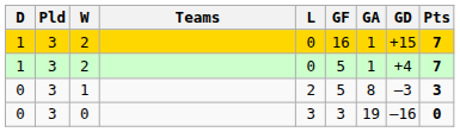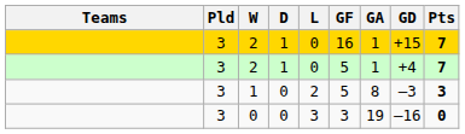 <table class="wikitable" style="text-align: center;">
 <tr>
-<th width=20>D</th>
+<th width=165>Teams</th>
 <th width=20>Pld</th>
 <th width=20>W</th>
-<th width=165>Teams</th>
+<th width=20>D</th>
 <th width=20>L</th>
 <th width=20>GF</th>
 <th width=20>GA</th>
 <th width=20>GD</th>
 <th width=20>Pts</th>
 </tr>
 <tr align=center style="background:gold">
-<td>1</td>
+<td style="text-align:left;"></td>
 <td>3</td>
 <td>2</td>
-<td style="text-align:left;"></td>
+<td>1</td>
 <td>0</td>
 <td>16</td>
 <td>1</td>
 <td>+15</td>
 <td><strong>7</strong></td>
 </tr>
 <tr align=center style="background:#ccffcc;">
-<td>1</td>
+<td style="text-align:left;"></td>
 <td>3</td>
 <td>2</td>
-<td style="text-align:left;"></td>
+<td>1</td>
 <td>0</td>
 <td>5</td>
 <td>1</td>
 <td>+4</td>
 <td><strong>7</strong></td>
 </tr>
 <tr align=center>
-<td>0</td>
+<td style="text-align:left;"></td>
 <td>3</td>
 <td>1</td>
-<td style="text-align:left;"></td>
+<td>0</td>
 <td>2</td>
 <td>5</td>
 <td>8</td>
 <td>–3</td>
 <td><strong>3</strong></td>
 </tr>
 <tr align=center>
-<td>0</td>
+<td style="text-align:left;"></td>
 <td>3</td>
 <td>0</td>
-<td style="text-align:left;"></td>
+<td>0</td>
 <td>3</td>
 <td>3</td>
 <td>19</td>
 <td>–16</td>
 <td><strong>0</strong></td>
 </tr>
 </table>
